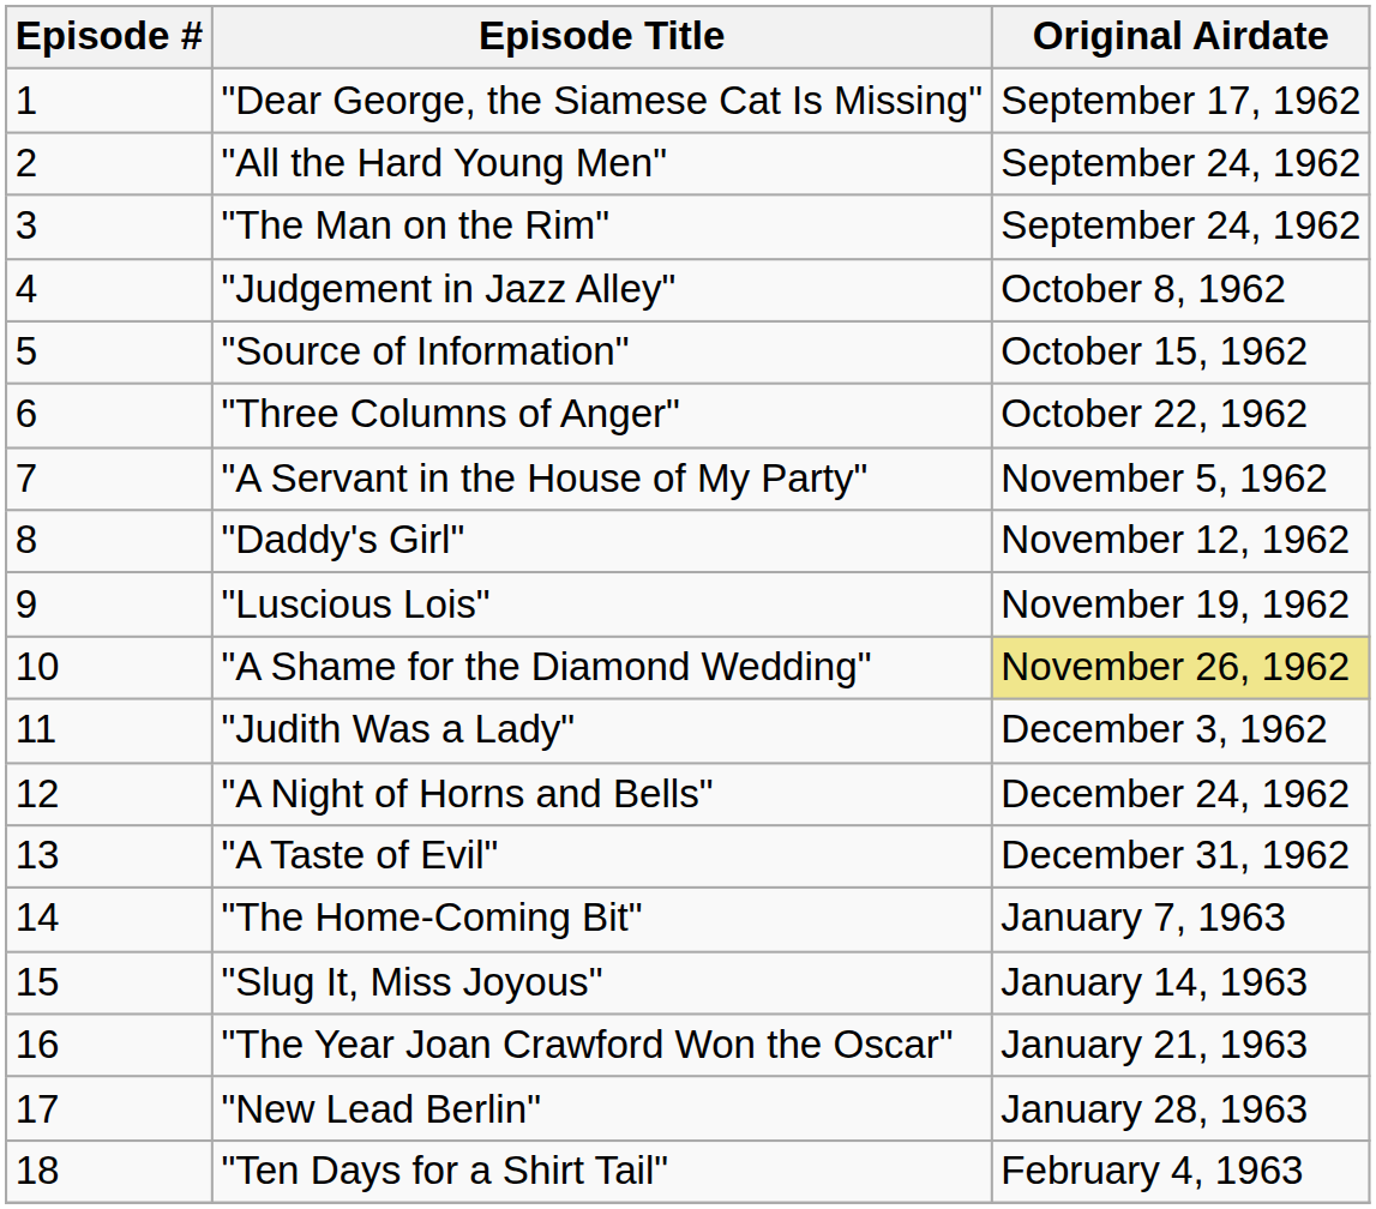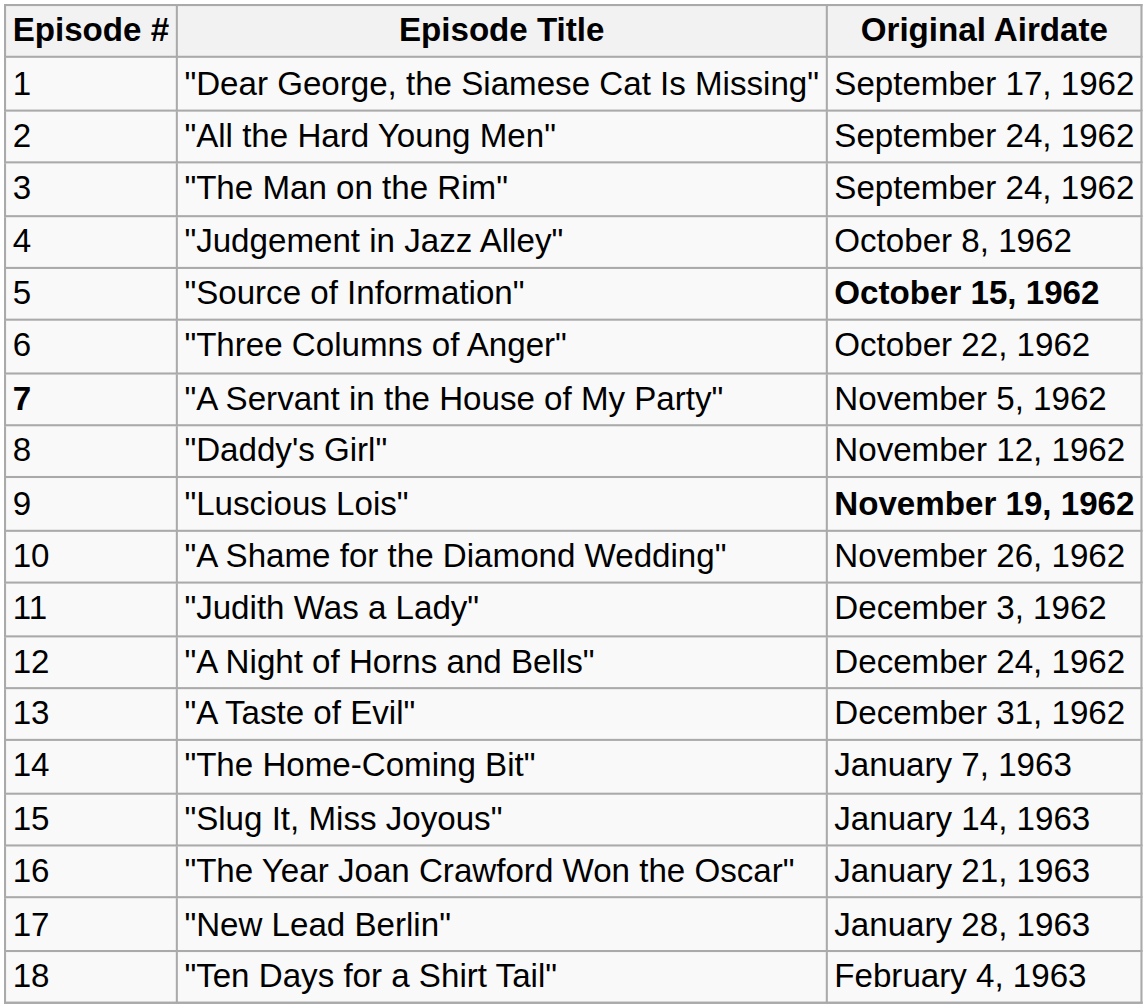 <table class="wikitable">
 <tr>
 <th>Episode #</th>
 <th>Episode Title</th>
 <th>Original Airdate</th>
 </tr>
 <tr>
 <td>1</td>
 <td>"Dear George, the Siamese Cat Is Missing"</td>
 <td>September 17, 1962</td>
 </tr>
 <tr>
 <td>2</td>
 <td>"All the Hard Young Men"</td>
 <td>September 24, 1962</td>
 </tr>
 <tr>
 <td>3</td>
 <td>"The Man on the Rim"</td>
 <td>September 24, 1962</td>
 </tr>
 <tr>
 <td>4</td>
 <td>"Judgement in Jazz Alley"</td>
 <td>October 8, 1962</td>
 </tr>
 <tr>
 <td>5</td>
 <td>"Source of Information"</td>
-<td>October 15, 1962</td>
+<td><strong>October 15, 1962</strong></td>
 </tr>
 <tr>
 <td>6</td>
 <td>"Three Columns of Anger"</td>
 <td>October 22, 1962</td>
 </tr>
 <tr>
-<td>7</td>
+<td><strong>7</strong></td>
 <td>"A Servant in the House of My Party"</td>
 <td>November 5, 1962</td>
 </tr>
 <tr>
 <td>8</td>
 <td>"Daddy's Girl"</td>
 <td>November 12, 1962</td>
 </tr>
 <tr>
 <td>9</td>
 <td>"Luscious Lois"</td>
-<td>November 19, 1962</td>
+<td><strong>November 19, 1962</strong></td>
 </tr>
 <tr>
 <td>10</td>
 <td>"A Shame for the Diamond Wedding"</td>
-<td style="background: khaki;">November 26, 1962</td>
+<td>November 26, 1962</td>
 </tr>
 <tr>
 <td>11</td>
 <td>"Judith Was a Lady"</td>
 <td>December 3, 1962</td>
 </tr>
 <tr>
 <td>12</td>
 <td>"A Night of Horns and Bells"</td>
 <td>December 24, 1962</td>
 </tr>
 <tr>
 <td>13</td>
 <td>"A Taste of Evil"</td>
 <td>December 31, 1962</td>
 </tr>
 <tr>
 <td>14</td>
 <td>"The Home-Coming Bit"</td>
 <td>January 7, 1963</td>
 </tr>
 <tr>
 <td>15</td>
 <td>"Slug It, Miss Joyous"</td>
 <td>January 14, 1963</td>
 </tr>
 <tr>
 <td>16</td>
 <td>"The Year Joan Crawford Won the Oscar"</td>
 <td>January 21, 1963</td>
 </tr>
 <tr>
 <td>17</td>
 <td>"New Lead Berlin"</td>
 <td>January 28, 1963</td>
 </tr>
 <tr>
 <td>18</td>
 <td>"Ten Days for a Shirt Tail"</td>
 <td>February 4, 1963</td>
 </tr>
 <tr>
 </tr>
 </table>
